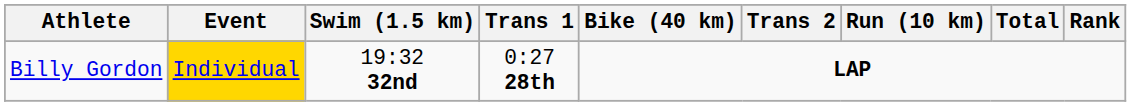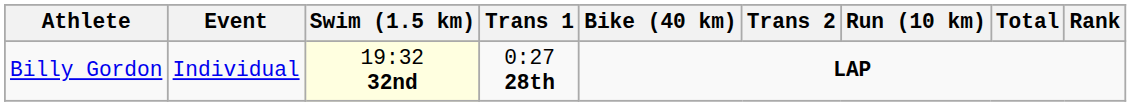 <table class="wikitable" style="font-size:90%">
 <tr>
 <th>Athlete</th>
 <th>Event</th>
 <th>Swim (1.5 km)</th>
 <th>Trans 1</th>
 <th>Bike (40 km)</th>
 <th>Trans 2</th>
 <th>Run (10 km)</th>
 <th>Total</th>
 <th>Rank</th>
 </tr>
 <tr>
 <td><a href='#'>Billy Gordon</a></td>
-<td style="background: gold;"><a href='#'>Individual</a></td>
-<td align=center>19:32<br><strong>32nd</strong></td>
+<td><a href='#'>Individual</a></td>
+<td align=center style="background: lightyellow;">19:32<br><strong>32nd</strong></td>
 <td align=center>0:27<br><strong>28th</strong></td>
 <td align=center colspan="7"><strong>LAP</strong></td>
 </tr>
 </table>
